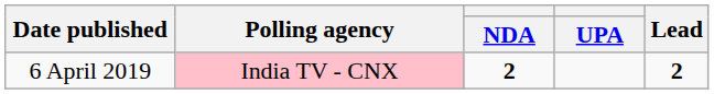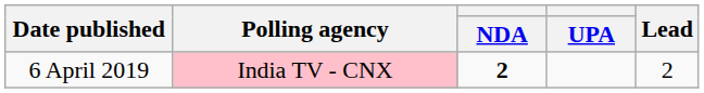 <table class="wikitable sortable" style="text-align:center;font-size:95%;line-height:16px">
 <tr>
 <th rowspan="2" width="100px">Date published</th>
 <th rowspan="2" width="175px">Polling agency</th>
 <th style="background:"></th>
 <th style="background:"></th>
 <th rowspan="2">Lead</th>
 </tr>
 <tr>
 <th width="50px" class="unsortable"><a href='#'>NDA</a></th>
 <th width="50px" class="unsortable"><a href='#'>UPA</a></th>
 </tr>
 <tr>
 <td>6 April 2019</td>
 <td style="background: pink;">India TV - CNX</td>
 <td><strong>2</strong></td>
 <td></td>
-<td style="background:"><strong><span>2</span></strong></td>
+<td style="background:"><span>2</span></td>
 </tr>
 </table>
